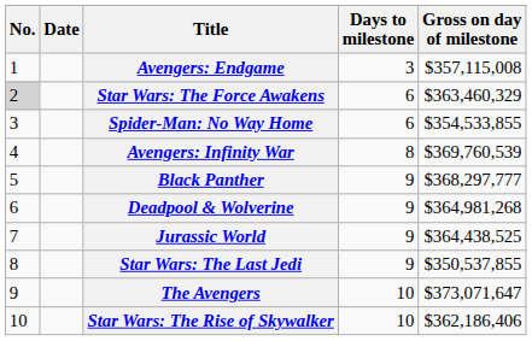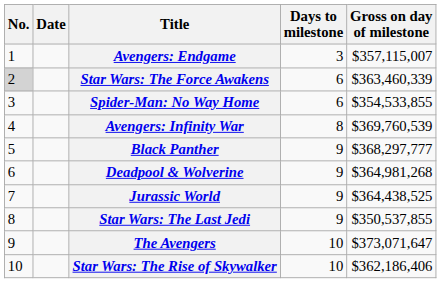 <table class="wikitable">
 <tr>
 <th scope="col">No.</th>
 <th scope="col">Date</th>
 <th scope="col">Title</th>
 <th scope="col">Days to <br>milestone</th>
 <th scope="col">Gross on day <br>of milestone</th>
 </tr>
 <tr>
 <td>1</td>
 <td></td>
 <th scope="row"><em><a href='#'>Avengers: Endgame</a></em></th>
 <td style="text-align:right;">3</td>
-<td style="text-align:right;">$357,115,008</td>
+<td style="text-align:right;">$357,115,007</td>
 </tr>
 <tr>
 <td style="background: lightgrey;">2</td>
 <td></td>
 <th scope="row"><em><a href='#'>Star Wars: The Force Awakens</a></em></th>
 <td style="text-align:right;">6</td>
-<td style="text-align:right;">$363,460,329</td>
+<td style="text-align:right;">$363,460,339</td>
 </tr>
 <tr>
 <td>3</td>
 <td></td>
 <th scope="row"><em><a href='#'>Spider-Man: No Way Home</a></em></th>
 <td style="text-align:right;">6</td>
 <td style="text-align:right;">$354,533,855</td>
 </tr>
 <tr>
 <td>4</td>
 <td></td>
 <th scope="row"><em><a href='#'>Avengers: Infinity War</a></em></th>
 <td style="text-align:right;">8</td>
 <td style="text-align:right;">$369,760,539</td>
 </tr>
 <tr>
 <td>5</td>
 <td></td>
 <th scope="row"><em><a href='#'>Black Panther</a></em></th>
 <td style="text-align:right;">9</td>
 <td style="text-align:right;">$368,297,777</td>
 </tr>
 <tr>
 <td>6</td>
 <td></td>
 <th scope="row"><em><a href='#'>Deadpool & Wolverine</a></em></th>
 <td style="text-align:right;">9</td>
 <td style="text-align:right;">$364,981,268</td>
 </tr>
 <tr>
 <td>7</td>
 <td></td>
 <th scope="row"><em><a href='#'>Jurassic World</a></em></th>
 <td style="text-align:right;">9</td>
 <td style="text-align:right;">$364,438,525</td>
 </tr>
 <tr>
 <td>8</td>
 <td></td>
 <th scope="row"><em><a href='#'>Star Wars: The Last Jedi</a></em></th>
 <td style="text-align:right;">9</td>
 <td style="text-align:right;">$350,537,855</td>
 </tr>
 <tr>
 <td>9</td>
 <td></td>
 <th scope="row"><em><a href='#'>The Avengers</a></em></th>
 <td style="text-align:right;">10</td>
 <td style="text-align:right;">$373,071,647</td>
 </tr>
 <tr>
 <td>10</td>
 <td></td>
 <th scope="row"><em><a href='#'>Star Wars: The Rise of Skywalker</a></em></th>
 <td style="text-align:right;">10</td>
 <td style="text-align:right;">$362,186,406</td>
 </tr>
 </table>
